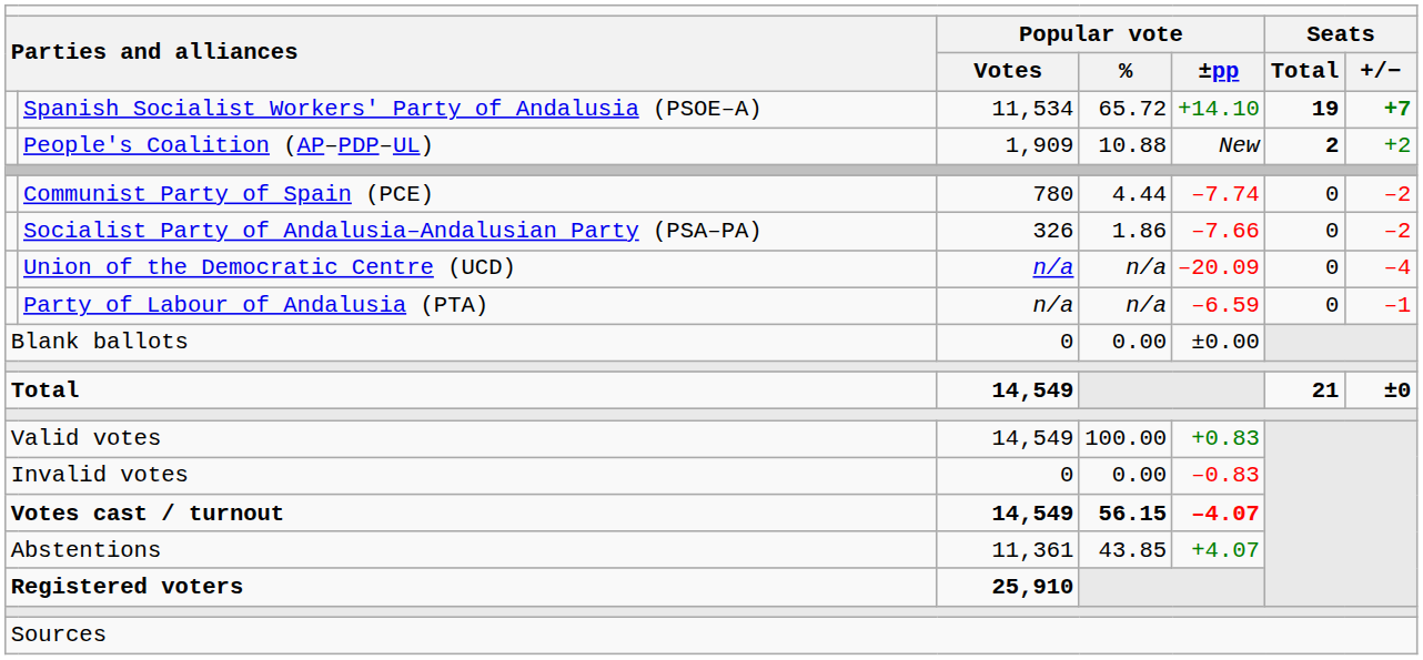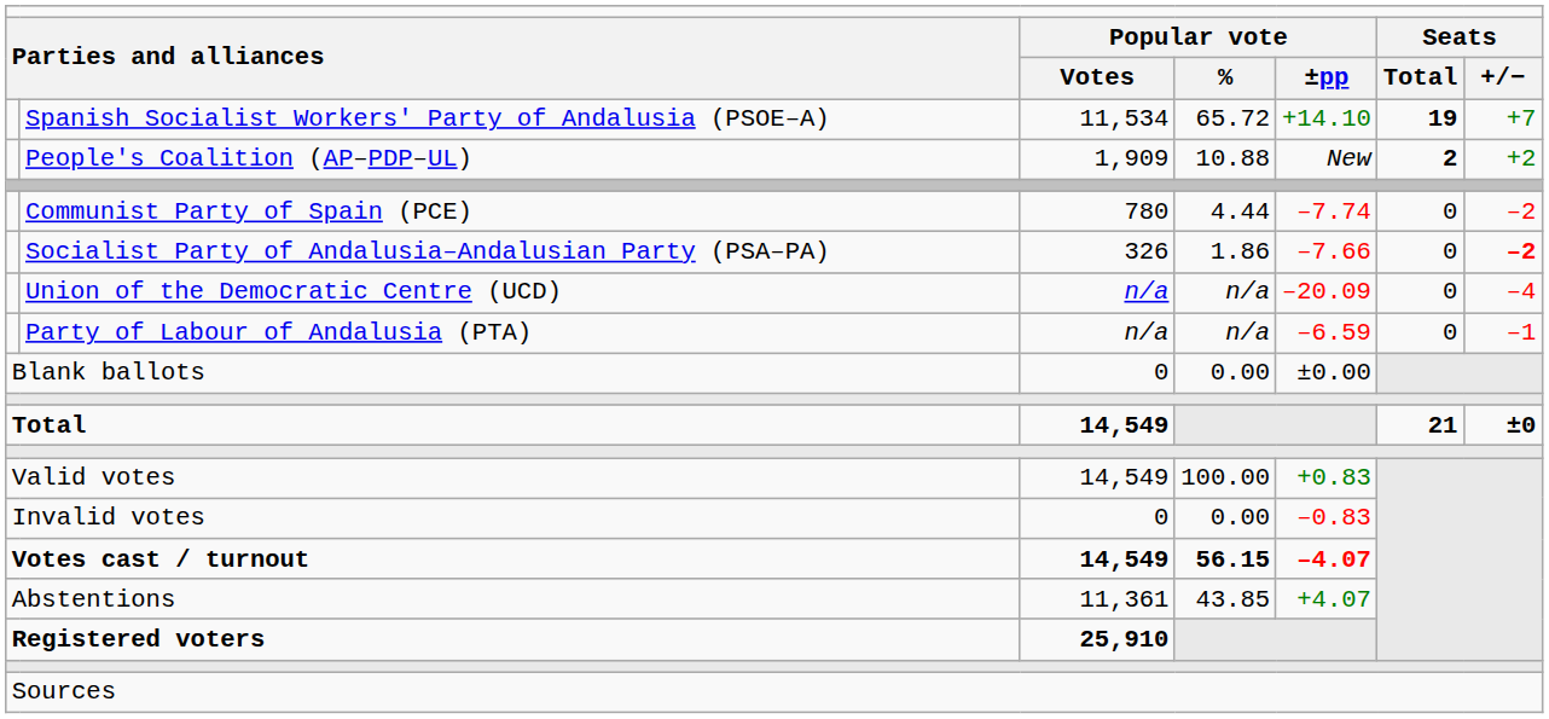 <table class="wikitable" style="text-align:right;">
 <tr>
 <td colspan="7"></td>
 </tr>
 <tr>
 <th style="text-align:left;" rowspan="2" colspan="2" width="525">Parties and alliances</th>
 <th colspan="3">Popular vote</th>
 <th colspan="2">Seats</th>
 </tr>
 <tr>
 <th width="75">Votes</th>
 <th width="45">%</th>
 <th width="45">±<a href='#'>pp</a></th>
 <th width="35">Total</th>
 <th width="35">+/−</th>
 </tr>
 <tr>
 <td width="1" style="color:inherit;background:"></td>
 <td align="left"><a href='#'>Spanish Socialist Workers' Party of Andalusia</a> (PSOE–A)</td>
 <td>11,534</td>
 <td>65.72</td>
 <td style="color:green;">+14.10</td>
 <td><strong>19</strong></td>
-<td style="color:green;"><strong>+7</strong></td>
+<td style="color:green;">+7</td>
 </tr>
 <tr>
 <td style="color:inherit;background:"></td>
 <td align="left"><a href='#'>People's Coalition</a> (<a href='#'>AP</a>–<a href='#'>PDP</a>–<a href='#'>UL</a>)</td>
 <td>1,909</td>
 <td>10.88</td>
 <td><em>New</em></td>
 <td><strong>2</strong></td>
 <td style="color:green;">+2</td>
 </tr>
 <tr>
 <td colspan="7" bgcolor="#C0C0C0"></td>
 </tr>
 <tr>
 <td style="color:inherit;background:"></td>
 <td align="left"><a href='#'>Communist Party of Spain</a> (PCE)</td>
 <td>780</td>
 <td>4.44</td>
 <td style="color:red;">–7.74</td>
 <td>0</td>
 <td style="color:red;">–2</td>
 </tr>
 <tr>
 <td style="color:inherit;background:"></td>
 <td align="left"><a href='#'>Socialist Party of Andalusia–Andalusian Party</a> (PSA–PA)</td>
 <td>326</td>
 <td>1.86</td>
 <td style="color:red;">–7.66</td>
 <td>0</td>
-<td style="color:red;">–2</td>
+<td style="color:red;"><strong>–2</strong></td>
 </tr>
 <tr>
 <td style="color:inherit;background:"></td>
 <td align="left"><a href='#'>Union of the Democratic Centre</a> (UCD)</td>
 <td><em><a href='#'>n/a</a></em></td>
 <td><em>n/a</em></td>
 <td style="color:red;">–20.09</td>
 <td>0</td>
 <td style="color:red;">–4</td>
 </tr>
 <tr>
 <td style="color:inherit;background:"></td>
 <td align="left"><a href='#'>Party of Labour of Andalusia</a> (PTA)</td>
 <td><em>n/a</em></td>
 <td><em>n/a</em></td>
 <td style="color:red;">–6.59</td>
 <td>0</td>
 <td style="color:red;">–1</td>
 </tr>
 <tr>
 <td align="left" colspan="2">Blank ballots</td>
 <td>0</td>
 <td>0.00</td>
 <td>±0.00</td>
 <td bgcolor="#E9E9E9" colspan="2"></td>
 </tr>
 <tr>
 <td colspan="7" bgcolor="#E9E9E9"></td>
 </tr>
 <tr style="font-weight:bold;">
 <td align="left" colspan="2">Total</td>
 <td>14,549</td>
 <td bgcolor="#E9E9E9" colspan="2"></td>
 <td>21</td>
 <td>±0</td>
 </tr>
 <tr>
 <td colspan="7" bgcolor="#E9E9E9"></td>
 </tr>
 <tr>
 <td align="left" colspan="2">Valid votes</td>
 <td>14,549</td>
 <td>100.00</td>
 <td style="color:green;">+0.83</td>
 <td bgcolor="#E9E9E9" colspan="2" rowspan="5"></td>
 </tr>
 <tr>
 <td align="left" colspan="2">Invalid votes</td>
 <td>0</td>
 <td>0.00</td>
 <td style="color:red;">–0.83</td>
 </tr>
 <tr style="font-weight:bold;">
 <td align="left" colspan="2">Votes cast / turnout</td>
 <td>14,549</td>
 <td>56.15</td>
 <td style="color:red;">–4.07</td>
 </tr>
 <tr>
 <td align="left" colspan="2">Abstentions</td>
 <td>11,361</td>
 <td>43.85</td>
 <td style="color:green;">+4.07</td>
 </tr>
 <tr style="font-weight:bold;">
 <td align="left" colspan="2">Registered voters</td>
 <td>25,910</td>
 <td bgcolor="#E9E9E9" colspan="2"></td>
 </tr>
 <tr>
 <td colspan="7" bgcolor="#E9E9E9"></td>
 </tr>
 <tr>
 <td align="left" colspan="7">Sources</td>
 </tr>
 </table>
